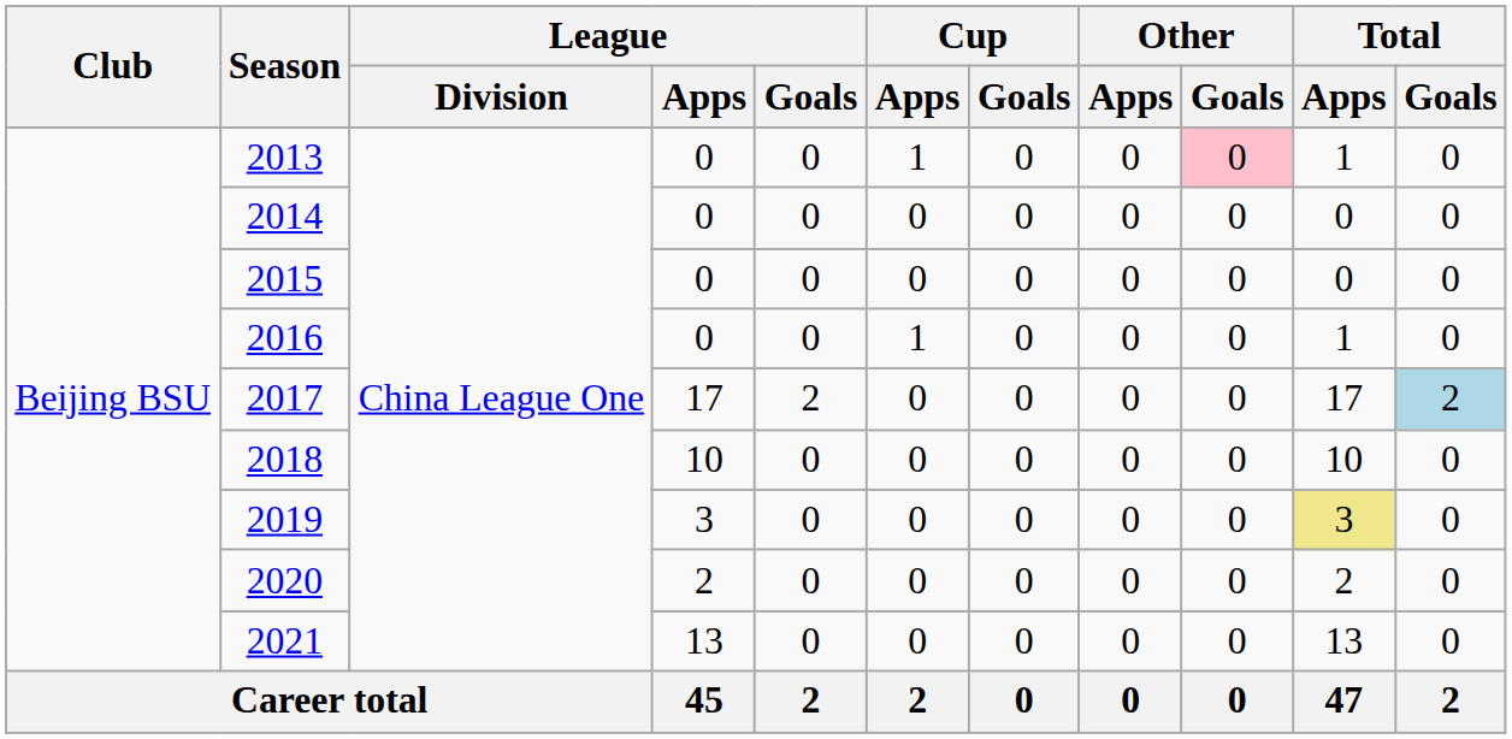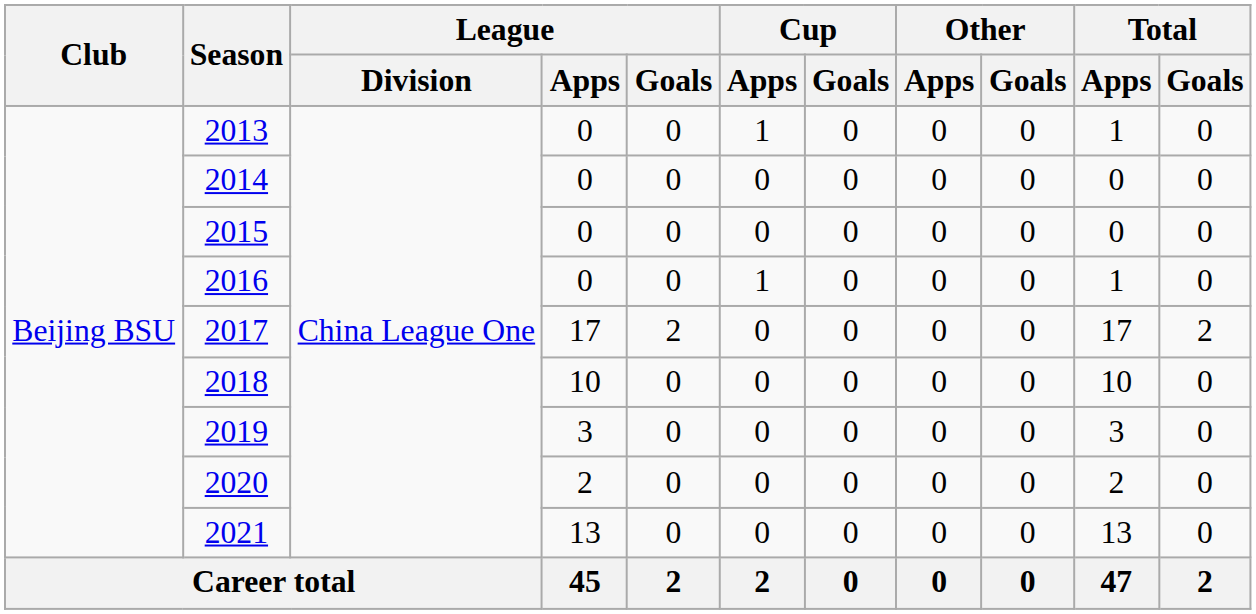 <table class="wikitable" style="text-align: center">
 <tr>
 <th rowspan="2">Club</th>
 <th rowspan="2">Season</th>
 <th colspan="3">League</th>
 <th colspan="2">Cup</th>
 <th colspan="2">Other</th>
 <th colspan="2">Total</th>
 </tr>
 <tr>
 <th>Division</th>
 <th>Apps</th>
 <th>Goals</th>
 <th>Apps</th>
 <th>Goals</th>
 <th>Apps</th>
 <th>Goals</th>
 <th>Apps</th>
 <th>Goals</th>
 </tr>
 <tr>
 <td rowspan="9"><a href='#'>Beijing BSU</a></td>
 <td><a href='#'>2013</a></td>
 <td rowspan="9"><a href='#'>China League One</a></td>
 <td>0</td>
 <td>0</td>
 <td>1</td>
 <td>0</td>
 <td>0</td>
-<td style="background: pink;">0</td>
+<td>0</td>
 <td>1</td>
 <td>0</td>
 </tr>
 <tr>
 <td><a href='#'>2014</a></td>
 <td>0</td>
 <td>0</td>
 <td>0</td>
 <td>0</td>
 <td>0</td>
 <td>0</td>
 <td>0</td>
 <td>0</td>
 </tr>
 <tr>
 <td><a href='#'>2015</a></td>
 <td>0</td>
 <td>0</td>
 <td>0</td>
 <td>0</td>
 <td>0</td>
 <td>0</td>
 <td>0</td>
 <td>0</td>
 </tr>
 <tr>
 <td><a href='#'>2016</a></td>
 <td>0</td>
 <td>0</td>
 <td>1</td>
 <td>0</td>
 <td>0</td>
 <td>0</td>
 <td>1</td>
 <td>0</td>
 </tr>
 <tr>
 <td><a href='#'>2017</a></td>
 <td>17</td>
 <td>2</td>
 <td>0</td>
 <td>0</td>
 <td>0</td>
 <td>0</td>
 <td>17</td>
-<td style="background: lightblue;">2</td>
+<td>2</td>
 </tr>
 <tr>
 <td><a href='#'>2018</a></td>
 <td>10</td>
 <td>0</td>
 <td>0</td>
 <td>0</td>
 <td>0</td>
 <td>0</td>
 <td>10</td>
 <td>0</td>
 </tr>
 <tr>
 <td><a href='#'>2019</a></td>
 <td>3</td>
 <td>0</td>
 <td>0</td>
 <td>0</td>
 <td>0</td>
 <td>0</td>
-<td style="background: khaki;">3</td>
+<td>3</td>
 <td>0</td>
 </tr>
 <tr>
 <td><a href='#'>2020</a></td>
 <td>2</td>
 <td>0</td>
 <td>0</td>
 <td>0</td>
 <td>0</td>
 <td>0</td>
 <td>2</td>
 <td>0</td>
 </tr>
 <tr>
 <td><a href='#'>2021</a></td>
 <td>13</td>
 <td>0</td>
 <td>0</td>
 <td>0</td>
 <td>0</td>
 <td>0</td>
 <td>13</td>
 <td>0</td>
 </tr>
 <tr>
 <th colspan=3>Career total</th>
 <th>45</th>
 <th>2</th>
 <th>2</th>
 <th>0</th>
 <th>0</th>
 <th>0</th>
 <th>47</th>
 <th>2</th>
 </tr>
 </table>
